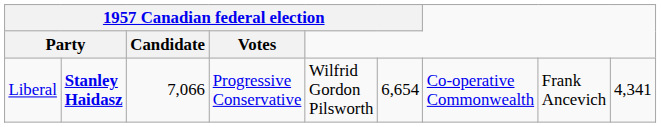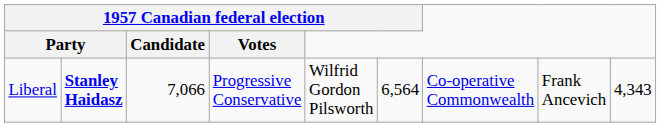 <table class="wikitable">
 <tr style="background:#e9e9e9;">
 <th colspan="6"><a href='#'>1957 Canadian federal election</a></th>
 </tr>
 <tr style="background:#e9e9e9;">
 <th colspan="2" style="width: 200px">Party</th>
 <th style="width: 170px">Candidate</th>
 <th style="width: 40px">Votes</th>
 </tr>
 <tr>
 <td><a href='#'>Liberal</a></td>
 <td><strong><a href='#'>Stanley Haidasz</a></strong></td>
 <td align="right">7,066<br></td>
 <td><a href='#'>Progressive Conservative</a></td>
 <td>Wilfrid Gordon  Pilsworth</td>
-<td align="right">6,654<br></td>
+<td align="right">6,564<br></td>
 <td><a href='#'>Co-operative Commonwealth</a></td>
 <td>Frank Ancevich</td>
-<td align="right">4,341<br> </td>
+<td align="right">4,343<br> </td>
 </tr>
 </table>
